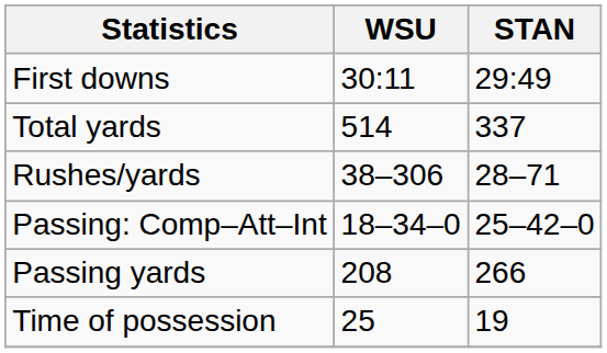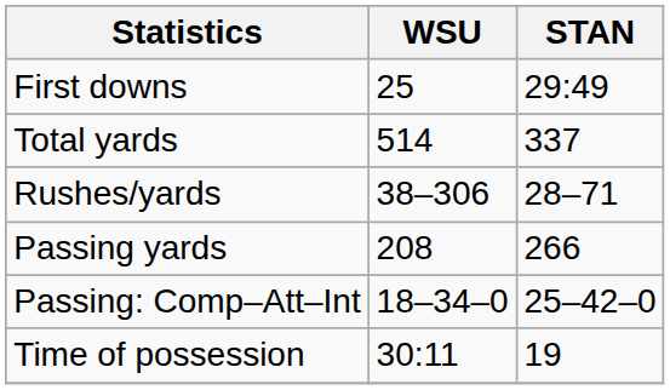 <table class="wikitable" style="float: left;">
 <tr>
 <th>Statistics</th>
 <th>WSU</th>
 <th>STAN</th>
 </tr>
 <tr>
 <td>First downs</td>
-<td>30:11</td>
+<td>25</td>
 <td>29:49</td>
 </tr>
 <tr>
 <td>Total yards</td>
 <td>514</td>
 <td>337</td>
 </tr>
 <tr>
 <td>Rushes/yards</td>
 <td>38–306</td>
 <td>28–71</td>
 </tr>
 <tr>
+<td>Passing yards</td>
+<td>208</td>
+<td>266</td>
+</tr>
+<tr>
 <td>Passing: Comp–Att–Int</td>
 <td>18–34–0</td>
 <td>25–42–0</td>
 </tr>
 <tr>
-<td>Passing yards</td>
-<td>208</td>
-<td>266</td>
-</tr>
-<tr>
 <td>Time of possession</td>
-<td>25</td>
+<td>30:11</td>
 <td>19</td>
 </tr>
 <tr>
 </tr>
 </table>
